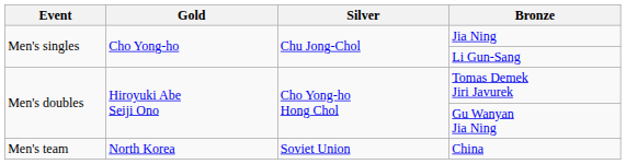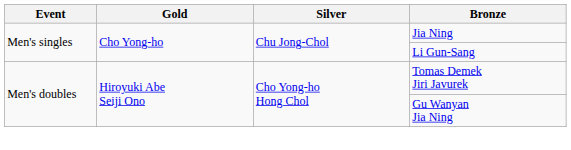 <table class="wikitable" style="text-align:left; width:750px;">
 <tr>
 <th width="100">Event</th>
 <th width="175">Gold</th>
 <th width="175">Silver</th>
 <th width="175">Bronze</th>
 </tr>
 <tr>
 <td rowspan=2>Men's singles</td>
 <td rowspan=2> <a href='#'>Cho Yong-ho</a></td>
 <td rowspan=2> <a href='#'>Chu Jong-Chol</a></td>
 <td> <a href='#'>Jia Ning</a></td>
 </tr>
 <tr>
 <td> <a href='#'>Li Gun-Sang</a></td>
 </tr>
 <tr>
 <td rowspan=2>Men's doubles</td>
 <td rowspan=2> <a href='#'>Hiroyuki Abe</a><br> <a href='#'>Seiji Ono</a></td>
 <td rowspan=2> <a href='#'>Cho Yong-ho</a><br> <a href='#'>Hong Chol</a></td>
 <td> <a href='#'>Tomas Demek</a><br> <a href='#'>Jiri Javurek</a></td>
 </tr>
 <tr>
 <td> <a href='#'>Gu Wanyan</a><br> <a href='#'>Jia Ning</a></td>
 </tr>
-<tr>
-<td>Men's team</td>
-<td> <a href='#'>North Korea</a></td>
-<td> <a href='#'>Soviet Union</a></td>
-<td> <a href='#'>China</a></td>
-</tr>
 </table>
